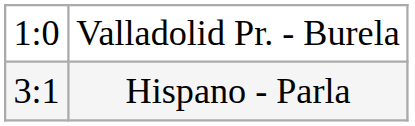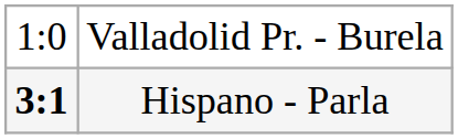 <table class="wikitable">
 <tr align=center bgcolor=white>
 <td>1:0</td>
 <td>Valladolid Pr. - Burela</td>
 </tr>
 <tr align=center bgcolor=#F5F5F5>
-<td>3:1</td>
+<td><strong>3:1</strong></td>
 <td>Hispano - Parla</td>
 </tr>
 </table>
